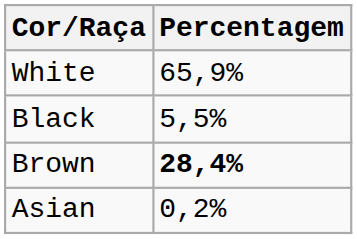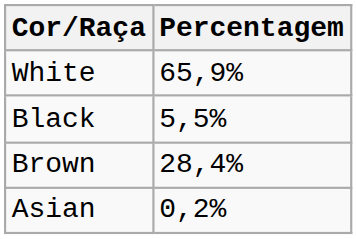 <table class="wikitable">
 <tr>
 <th>Cor/Raça</th>
 <th>Percentagem</th>
 </tr>
 <tr>
 <td>White</td>
 <td>65,9%</td>
 </tr>
 <tr>
 <td>Black</td>
 <td>5,5%</td>
 </tr>
 <tr>
 <td>Brown</td>
-<td><strong>28,4%</strong></td>
+<td>28,4%</td>
 </tr>
 <tr>
 <td>Asian</td>
 <td>0,2%</td>
 </tr>
 </table>
